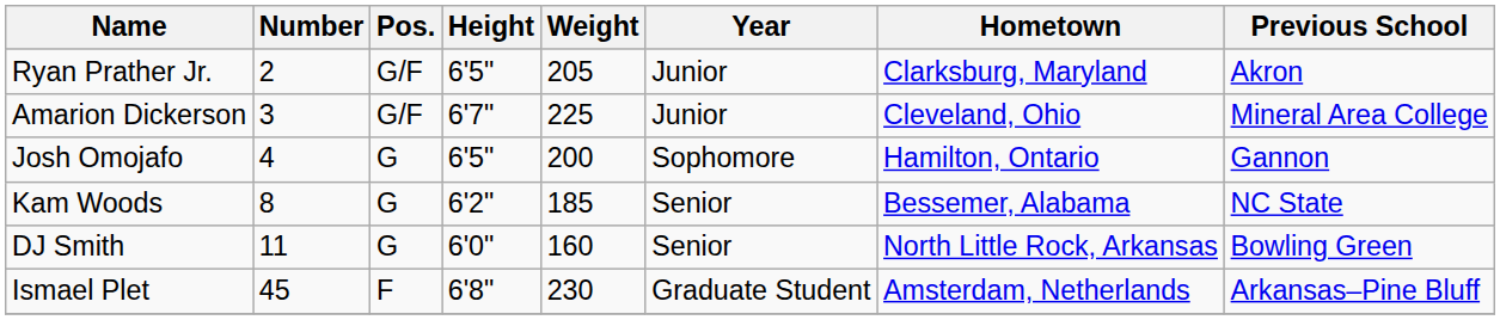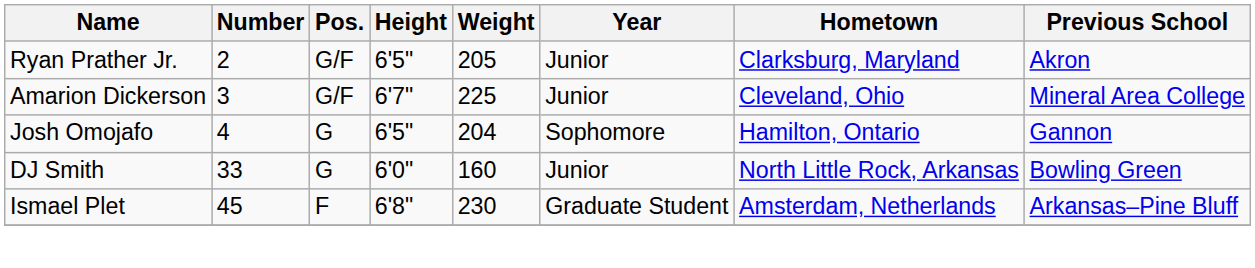 <table class="wikitable sortable" border="1">
 <tr align=center>
 <th style="background:#">Name</th>
 <th style="background:#">Number</th>
 <th style="background:#">Pos.</th>
 <th style="background:#">Height</th>
 <th style="background:#">Weight</th>
 <th style="background:#">Year</th>
 <th style="background:#">Hometown</th>
 <th style="background:#">Previous School</th>
 </tr>
 <tr>
 <td>Ryan Prather Jr.</td>
 <td>2</td>
 <td>G/F</td>
 <td>6'5"</td>
 <td>205</td>
 <td>Junior</td>
 <td><a href='#'>Clarksburg, Maryland</a></td>
 <td><a href='#'>Akron</a></td>
 </tr>
 <tr>
 <td>Amarion Dickerson</td>
 <td>3</td>
 <td>G/F</td>
 <td>6'7"</td>
 <td>225</td>
 <td>Junior</td>
 <td><a href='#'>Cleveland, Ohio</a></td>
 <td><a href='#'>Mineral Area College</a></td>
 </tr>
 <tr>
 <td>Josh Omojafo</td>
 <td>4</td>
 <td>G</td>
 <td>6'5"</td>
-<td>200</td>
+<td>204</td>
 <td> Sophomore</td>
 <td><a href='#'>Hamilton, Ontario</a></td>
 <td><a href='#'>Gannon</a></td>
 </tr>
 <tr>
-<td>Kam Woods</td>
-<td>8</td>
-<td>G</td>
-<td>6'2"</td>
-<td>185</td>
-<td>Senior</td>
-<td><a href='#'>Bessemer, Alabama</a></td>
-<td><a href='#'>NC State</a></td>
-</tr>
-<tr>
 <td>DJ Smith</td>
-<td>11</td>
+<td>33</td>
 <td>G</td>
 <td>6'0"</td>
 <td>160</td>
-<td>Senior</td>
+<td>Junior</td>
 <td><a href='#'>North Little Rock, Arkansas</a></td>
 <td><a href='#'>Bowling Green</a></td>
 </tr>
 <tr>
 <td>Ismael Plet</td>
 <td>45</td>
 <td>F</td>
 <td>6'8"</td>
 <td>230</td>
 <td>Graduate Student</td>
 <td><a href='#'>Amsterdam, Netherlands</a></td>
 <td><a href='#'>Arkansas–Pine Bluff</a></td>
 </tr>
 <tr>
 </tr>
 </table>
